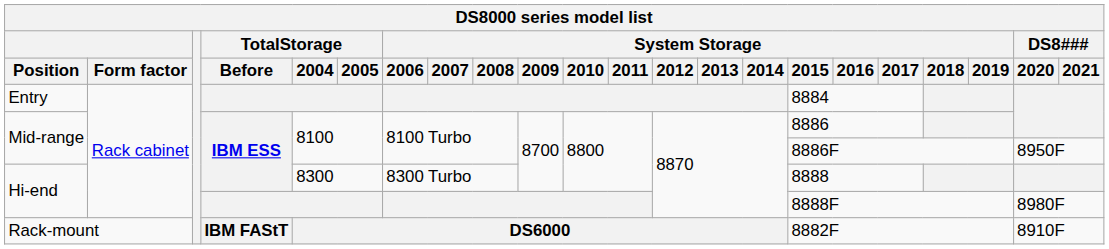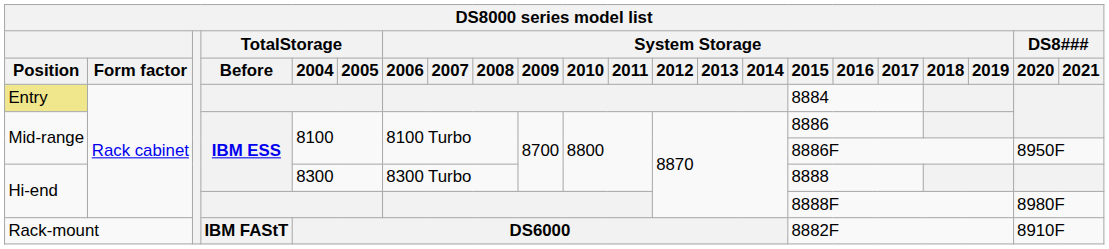 <table class="wikitable mw-collapsible">
 <tr>
 <th colspan="22">DS8000 series model list</th>
 </tr>
 <tr>
 <th colspan="2"></th>
 <th rowspan="8"></th>
 <th colspan="3">TotalStorage</th>
 <th colspan="14">System Storage</th>
 <th colspan="2">DS8###</th>
 </tr>
 <tr>
 <th>Position</th>
 <th>Form factor</th>
 <th>Before</th>
 <th>2004</th>
 <th>2005</th>
 <th>2006</th>
 <th>2007</th>
 <th>2008</th>
 <th>2009</th>
 <th>2010</th>
 <th>2011</th>
 <th>2012</th>
 <th>2013</th>
 <th>2014</th>
 <th>2015</th>
 <th>2016</th>
 <th>2017</th>
 <th>2018</th>
 <th>2019</th>
 <th>2020</th>
 <th>2021</th>
 </tr>
 <tr>
-<td>Entry</td>
+<td style="background: khaki;">Entry</td>
 <td rowspan="5"><a href='#'>Rack cabinet</a></td>
 <th colspan="3"></th>
 <th colspan="9"></th>
 <td colspan="3">8884</td>
 <th colspan="2"></th>
 <th colspan="2" rowspan="2"></th>
 </tr>
 <tr>
 <td rowspan="2">Mid-range</td>
 <th rowspan="3"><a href='#'>IBM ESS</a></th>
 <td colspan="2" rowspan="2">8100</td>
 <td colspan="3" rowspan="2">8100 Turbo</td>
 <td rowspan="3">8700</td>
 <td colspan="2" rowspan="3">8800</td>
 <td colspan="3" rowspan="4">8870</td>
 <td colspan="3">8886</td>
 <th colspan="2"></th>
 </tr>
 <tr>
 <td colspan="5">8886F</td>
 <td colspan="2">8950F</td>
 </tr>
 <tr>
 <td rowspan="2">Hi-end</td>
 <td colspan="2">8300</td>
 <td colspan="3">8300 Turbo</td>
 <td colspan="3">8888</td>
 <th colspan="2"></th>
 <th colspan="2"></th>
 </tr>
 <tr>
 <th colspan="3"></th>
 <th colspan="6"></th>
 <td colspan="5">8888F</td>
 <td colspan="2">8980F</td>
 </tr>
 <tr>
 <td colspan="2">Rack-mount</td>
 <th>IBM FAStT</th>
 <th colspan="11">DS6000</th>
 <td colspan="5">8882F</td>
 <td colspan="2">8910F</td>
 </tr>
 </table>
